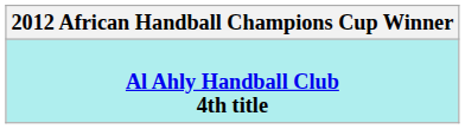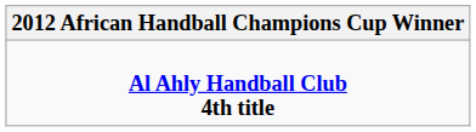 <table class=wikitable style="text-align:center; margin:auto">
 <tr>
 <th>2012 African Handball Champions Cup Winner</th>
 </tr>
 <tr>
-<td style="background: paleturquoise;"><br><strong><a href='#'>Al Ahly Handball Club</a></strong><br><strong>4th title</strong></td>
+<td><br><strong><a href='#'>Al Ahly Handball Club</a></strong><br><strong>4th title</strong></td>
 </tr>
 </table>
